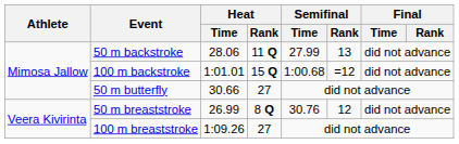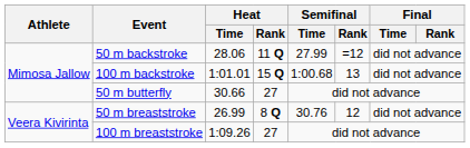 <table class="wikitable" style="text-align:center; font-size:90%">
 <tr>
 <th rowspan="2">Athlete</th>
 <th rowspan="2">Event</th>
 <th colspan="2">Heat</th>
 <th colspan="2">Semifinal</th>
 <th colspan="2">Final</th>
 </tr>
 <tr style="font-size:95%">
 <th>Time</th>
 <th>Rank</th>
 <th>Time</th>
 <th>Rank</th>
 <th>Time</th>
 <th>Rank</th>
 </tr>
 <tr>
 <td rowspan=3 align=left><a href='#'>Mimosa Jallow</a></td>
 <td align=left><a href='#'>50 m backstroke</a></td>
 <td>28.06</td>
 <td>11 <strong>Q</strong></td>
 <td>27.99</td>
-<td>13</td>
+<td>=12</td>
 <td colspan=2>did not advance</td>
 </tr>
 <tr>
 <td align=left><a href='#'>100 m backstroke</a></td>
 <td>1:01.01</td>
 <td>15 <strong>Q</strong></td>
 <td>1:00.68</td>
-<td>=12</td>
+<td>13</td>
 <td colspan=2>did not advance</td>
 </tr>
 <tr>
 <td align=left><a href='#'>50 m butterfly</a></td>
 <td>30.66</td>
 <td>27</td>
 <td colspan=4>did not advance</td>
 </tr>
 <tr>
 <td rowspan=2 align=left><a href='#'>Veera Kivirinta</a></td>
 <td align=left><a href='#'>50 m breaststroke</a></td>
 <td>26.99</td>
 <td>8 <strong>Q</strong></td>
 <td>30.76</td>
 <td>12</td>
 <td colspan=2>did not advance</td>
 </tr>
 <tr>
 <td align=left><a href='#'>100 m breaststroke</a></td>
 <td>1:09.26</td>
 <td>27</td>
 <td colspan=4>did not advance</td>
 </tr>
 </table>
